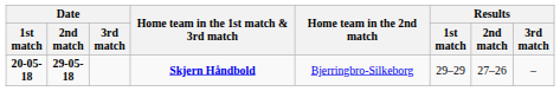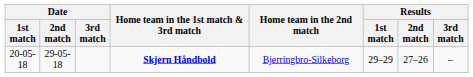 <table class="wikitable" style="text-align:center; margin-left:1em;">
 <tr>
 <th colspan="3">Date</th>
 <th rowspan="2" style="width:220px;">Home team in the 1st match & 3rd match</th>
 <th rowspan="2" style="width:180px;">Home team in the 2nd match</th>
 <th colspan="3">Results</th>
 </tr>
 <tr>
 <th style="width:50px;">1st match</th>
 <th style="width:50px;">2nd match</th>
 <th style="width:50px;">3rd match</th>
 <th style="width:50px;">1st match</th>
 <th style="width:50px;">2nd match</th>
 <th style="width:50px;">3rd match</th>
 </tr>
 <tr>
-<td><strong>20-05-18</strong></td>
-<td><strong>29-05-18</strong></td>
+<td>20-05-18</td>
+<td>29-05-18</td>
 <td></td>
 <td><strong><a href='#'>Skjern Håndbold</a></strong></td>
 <td><a href='#'>Bjerringbro-Silkeborg</a></td>
 <td>29–29</td>
 <td>27–26</td>
 <td>–</td>
 </tr>
 </table>
